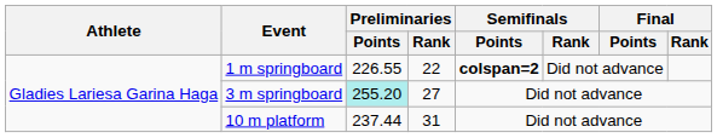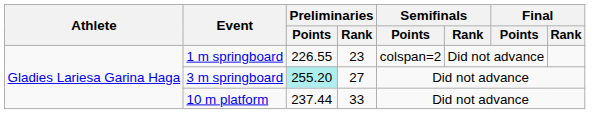 <table class="wikitable" style="text-align:center; font-size:90%; ">
 <tr>
 <th rowspan=2>Athlete</th>
 <th rowspan=2>Event</th>
 <th colspan=2>Preliminaries</th>
 <th colspan=2>Semifinals</th>
 <th colspan=2>Final</th>
 </tr>
 <tr style="font-size:95%">
 <th>Points</th>
 <th>Rank</th>
 <th>Points</th>
 <th>Rank</th>
 <th>Points</th>
 <th>Rank</th>
 </tr>
 <tr>
 <td align=left rowspan=3><a href='#'>Gladies Lariesa Garina Haga</a></td>
 <td align=left><a href='#'>1 m springboard</a></td>
 <td>226.55</td>
-<td>22</td>
-<td><strong>colspan=2 </strong></td>
+<td>23</td>
+<td>colspan=2 </td>
 <td colspan=2>Did not advance</td>
 </tr>
 <tr>
 <td align=left><a href='#'>3 m springboard</a></td>
 <td style="background: paleturquoise;">255.20</td>
 <td>27</td>
 <td colspan=4>Did not advance</td>
 </tr>
 <tr>
 <td align=left><a href='#'>10 m platform</a></td>
 <td>237.44</td>
-<td>31</td>
+<td>33</td>
 <td colspan=4>Did not advance</td>
 </tr>
 </table>
